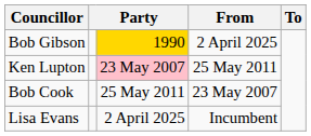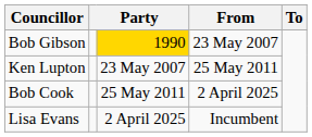 <table class=wikitable>
 <tr>
 <th>Councillor</th>
 <th colspan=2>Party</th>
 <th>From</th>
 <th>To</th>
 </tr>
 <tr>
 <td>Bob Gibson</td>
 <td></td>
 <td align=right style="background: gold;">1990</td>
-<td align=right>2 April 2025</td>
+<td align=right>23 May 2007</td>
 </tr>
 <tr>
 <td>Ken Lupton</td>
 <td></td>
-<td align=right style="background: pink;">23 May 2007</td>
+<td align=right>23 May 2007</td>
 <td align=right>25 May 2011</td>
 </tr>
 <tr>
 <td>Bob Cook</td>
 <td></td>
 <td align=right>25 May 2011</td>
-<td align=right>23 May 2007</td>
+<td align=right>2 April 2025</td>
 </tr>
 <tr>
 <td>Lisa Evans</td>
 <td></td>
 <td align=right>2 April 2025</td>
 <td align=right>Incumbent</td>
 </tr>
 </table>
